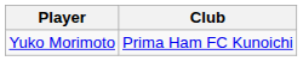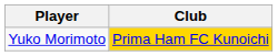 <table class="wikitable">
 <tr>
 <th>Player</th>
 <th>Club</th>
 </tr>
 <tr>
 <td> <a href='#'>Yuko Morimoto</a></td>
-<td><a href='#'>Prima Ham FC Kunoichi</a></td>
+<td style="background: gold;"><a href='#'>Prima Ham FC Kunoichi</a></td>
 </tr>
 </table>
